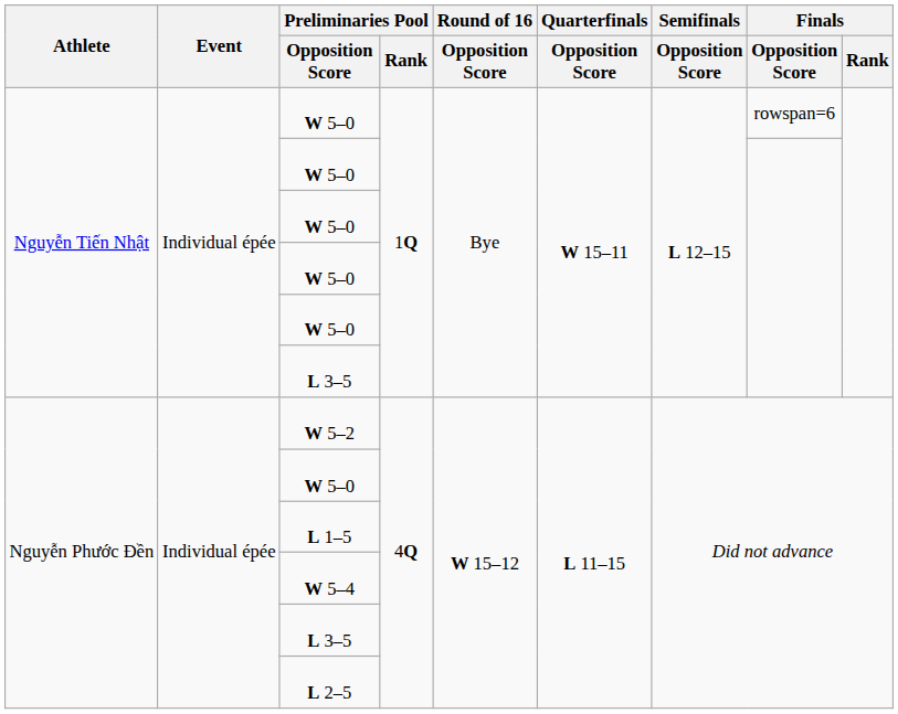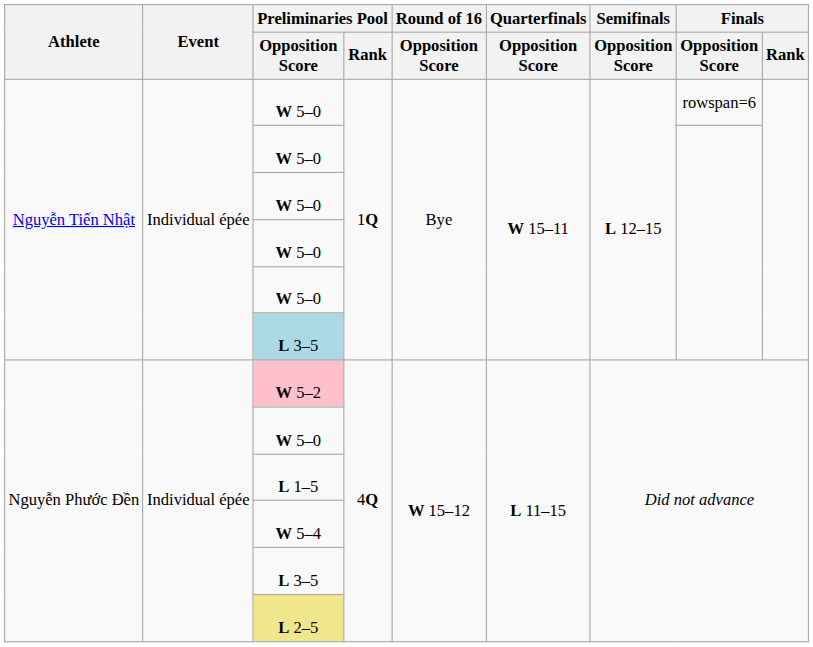 <table class="wikitable" style="font-size:90%">
 <tr>
 <th rowspan="2">Athlete</th>
 <th rowspan="2">Event</th>
 <th colspan="2">Preliminaries Pool</th>
 <th>Round of 16</th>
 <th>Quarterfinals</th>
 <th>Semifinals</th>
 <th colspan="2">Finals</th>
 </tr>
 <tr>
 <th>Opposition<br>Score</th>
 <th>Rank</th>
 <th>Opposition<br>Score</th>
 <th>Opposition<br>Score</th>
 <th>Opposition<br>Score</th>
 <th>Opposition<br>Score</th>
 <th>Rank</th>
 </tr>
 <tr align="center">
 <td rowspan="6"><a href='#'>Nguyễn Tiến Nhật</a></td>
 <td rowspan="6">Individual épée</td>
 <td><br><strong>W</strong> 5–0</td>
 <td rowspan="6">1<strong>Q</strong></td>
 <td rowspan="6">Bye</td>
 <td rowspan="6"><br><strong>W</strong> 15–11</td>
 <td rowspan="6"><br><strong>L</strong> 12–15</td>
 <td>rowspan=6 </td>
 <td rowspan="6"></td>
 </tr>
 <tr align="center">
 <td><br><strong>W</strong> 5–0</td>
 </tr>
 <tr align="center">
 <td><br><strong>W</strong> 5–0</td>
 </tr>
 <tr align="center">
 <td><br><strong>W</strong> 5–0</td>
 </tr>
 <tr align="center">
 <td><br><strong>W</strong> 5–0</td>
 </tr>
 <tr align="center">
-<td><br><strong>L</strong> 3–5</td>
+<td style="background: lightblue;"><br><strong>L</strong> 3–5</td>
 </tr>
 <tr align="center">
 <td rowspan="6">Nguyễn Phước Đền</td>
 <td rowspan="6">Individual épée</td>
-<td><br><strong>W</strong> 5–2</td>
+<td style="background: pink;"><br><strong>W</strong> 5–2</td>
 <td rowspan="6">4<strong>Q</strong></td>
 <td rowspan="6"><br><strong>W</strong> 15–12</td>
 <td rowspan="6"><br><strong>L</strong> 11–15</td>
 <td rowspan=6 colspan=3><em>Did not advance</em></td>
 </tr>
 <tr align="center">
 <td><br><strong>W</strong> 5–0</td>
 </tr>
 <tr align="center">
 <td><br><strong>L</strong> 1–5</td>
 </tr>
 <tr align="center">
 <td><br><strong>W</strong> 5–4</td>
 </tr>
 <tr align="center">
 <td><br><strong>L</strong> 3–5</td>
 </tr>
 <tr align="center">
-<td><br><strong>L</strong> 2–5</td>
+<td style="background: khaki;"><br><strong>L</strong> 2–5</td>
 </tr>
 </table>
